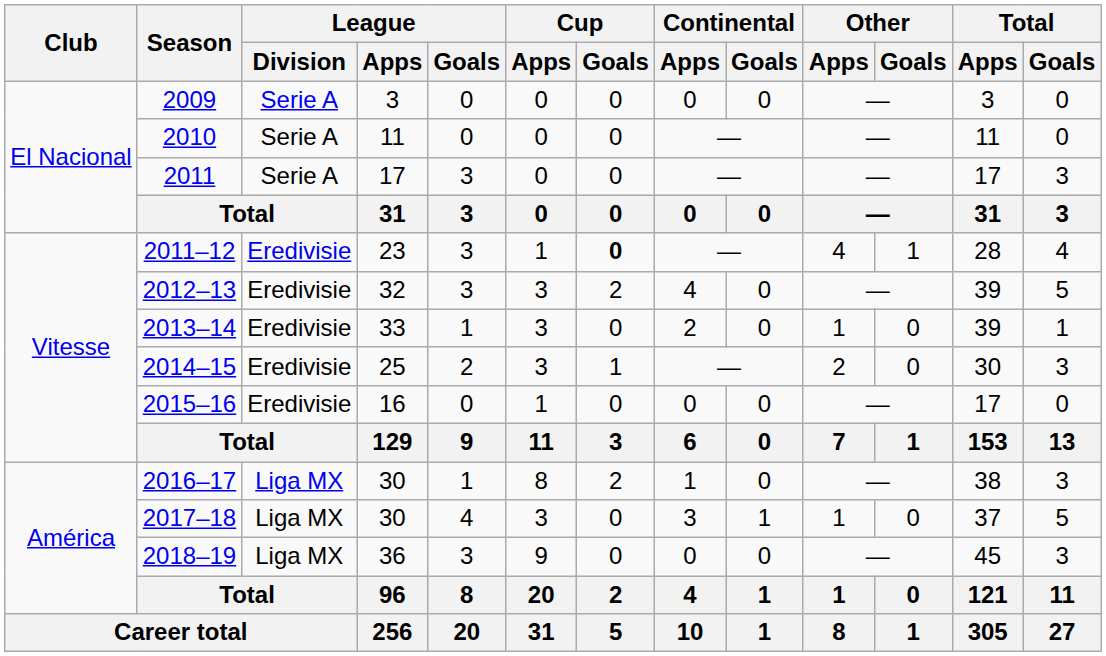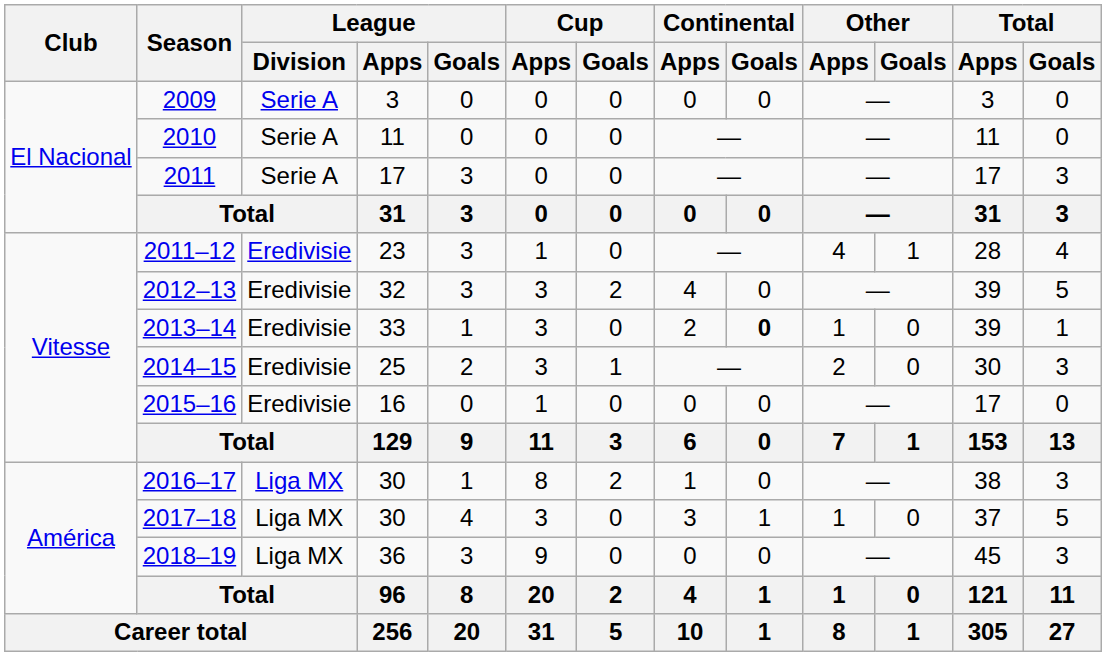 <table class="wikitable" style="text-align: center;">
 <tr>
 <th rowspan="2">Club</th>
 <th rowspan="2">Season</th>
 <th colspan="3">League</th>
 <th colspan="2">Cup</th>
 <th colspan="2">Continental</th>
 <th colspan="2">Other</th>
 <th colspan="2">Total</th>
 </tr>
 <tr>
 <th>Division</th>
 <th>Apps</th>
 <th>Goals</th>
 <th>Apps</th>
 <th>Goals</th>
 <th>Apps</th>
 <th>Goals</th>
 <th>Apps</th>
 <th>Goals</th>
 <th>Apps</th>
 <th>Goals</th>
 </tr>
 <tr>
 <td rowspan="4" valign="center"><a href='#'>El Nacional</a></td>
 <td><a href='#'>2009</a></td>
 <td><a href='#'>Serie A</a></td>
 <td>3</td>
 <td>0</td>
 <td>0</td>
 <td>0</td>
 <td>0</td>
 <td>0</td>
 <td colspan="2">—</td>
 <td>3</td>
 <td>0</td>
 </tr>
 <tr>
 <td><a href='#'>2010</a></td>
 <td>Serie A</td>
 <td>11</td>
 <td>0</td>
 <td>0</td>
 <td>0</td>
 <td colspan="2">—</td>
 <td colspan="2">—</td>
 <td>11</td>
 <td>0</td>
 </tr>
 <tr>
 <td><a href='#'>2011</a></td>
 <td>Serie A</td>
 <td>17</td>
 <td>3</td>
 <td>0</td>
 <td>0</td>
 <td colspan="2">—</td>
 <td colspan="2">—</td>
 <td>17</td>
 <td>3</td>
 </tr>
 <tr>
 <th colspan="2">Total</th>
 <th>31</th>
 <th>3</th>
 <th>0</th>
 <th>0</th>
 <th>0</th>
 <th>0</th>
 <th colspan="2">—</th>
 <th>31</th>
 <th>3</th>
 </tr>
 <tr>
 <td rowspan="6" valign="center"><a href='#'>Vitesse</a></td>
 <td><a href='#'>2011–12</a></td>
 <td><a href='#'>Eredivisie</a></td>
 <td>23</td>
 <td>3</td>
 <td>1</td>
-<td><strong>0</strong></td>
+<td>0</td>
 <td colspan="2">—</td>
 <td>4</td>
 <td>1</td>
 <td>28</td>
 <td>4</td>
 </tr>
 <tr>
 <td><a href='#'>2012–13</a></td>
 <td>Eredivisie</td>
 <td>32</td>
 <td>3</td>
 <td>3</td>
 <td>2</td>
 <td>4</td>
 <td>0</td>
 <td colspan="2">—</td>
 <td>39</td>
 <td>5</td>
 </tr>
 <tr>
 <td><a href='#'>2013–14</a></td>
 <td>Eredivisie</td>
 <td>33</td>
 <td>1</td>
 <td>3</td>
 <td>0</td>
 <td>2</td>
-<td>0</td>
+<td><strong>0</strong></td>
 <td>1</td>
 <td>0</td>
 <td>39</td>
 <td>1</td>
 </tr>
 <tr>
 <td><a href='#'>2014–15</a></td>
 <td>Eredivisie</td>
 <td>25</td>
 <td>2</td>
 <td>3</td>
 <td>1</td>
 <td colspan="2">—</td>
 <td>2</td>
 <td>0</td>
 <td>30</td>
 <td>3</td>
 </tr>
 <tr>
 <td><a href='#'>2015–16</a></td>
 <td>Eredivisie</td>
 <td>16</td>
 <td>0</td>
 <td>1</td>
 <td>0</td>
 <td>0</td>
 <td>0</td>
 <td colspan="2">—</td>
 <td>17</td>
 <td>0</td>
 </tr>
 <tr>
 <th colspan="2">Total</th>
 <th>129</th>
 <th>9</th>
 <th>11</th>
 <th>3</th>
 <th>6</th>
 <th>0</th>
 <th>7</th>
 <th>1</th>
 <th>153</th>
 <th>13</th>
 </tr>
 <tr>
 <td rowspan="4" valign="center"><a href='#'>América</a></td>
 <td><a href='#'>2016–17</a></td>
 <td><a href='#'>Liga MX</a></td>
 <td>30</td>
 <td>1</td>
 <td>8</td>
 <td>2</td>
 <td>1</td>
 <td>0</td>
 <td colspan="2">—</td>
 <td>38</td>
 <td>3</td>
 </tr>
 <tr>
 <td><a href='#'>2017–18</a></td>
 <td>Liga MX</td>
 <td>30</td>
 <td>4</td>
 <td>3</td>
 <td>0</td>
 <td>3</td>
 <td>1</td>
 <td>1</td>
 <td>0</td>
 <td>37</td>
 <td>5</td>
 </tr>
 <tr>
 <td><a href='#'>2018–19</a></td>
 <td>Liga MX</td>
 <td>36</td>
 <td>3</td>
 <td>9</td>
 <td>0</td>
 <td>0</td>
 <td>0</td>
 <td colspan="2">—</td>
 <td>45</td>
 <td>3</td>
 </tr>
 <tr>
 <th colspan="2">Total</th>
 <th>96</th>
 <th>8</th>
 <th>20</th>
 <th>2</th>
 <th>4</th>
 <th>1</th>
 <th>1</th>
 <th>0</th>
 <th>121</th>
 <th>11</th>
 </tr>
 <tr>
 <th colspan="3">Career total</th>
 <th>256</th>
 <th>20</th>
 <th>31</th>
 <th>5</th>
 <th>10</th>
 <th>1</th>
 <th>8</th>
 <th>1</th>
 <th>305</th>
 <th>27</th>
 </tr>
 </table>
